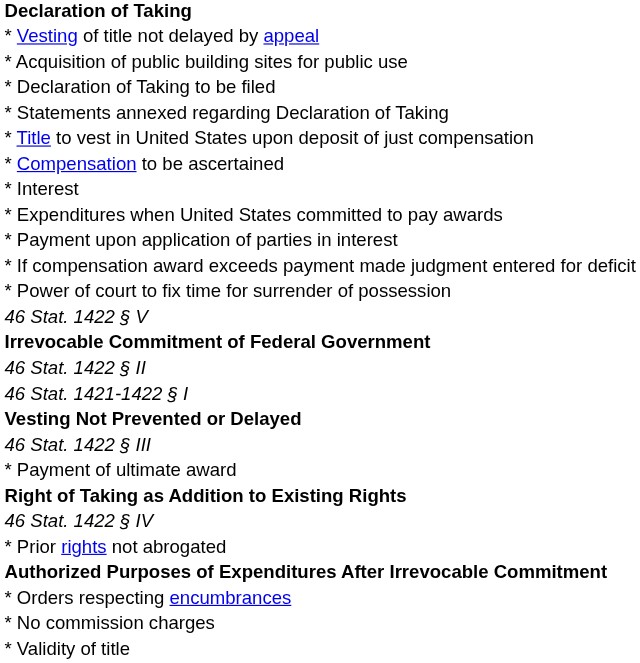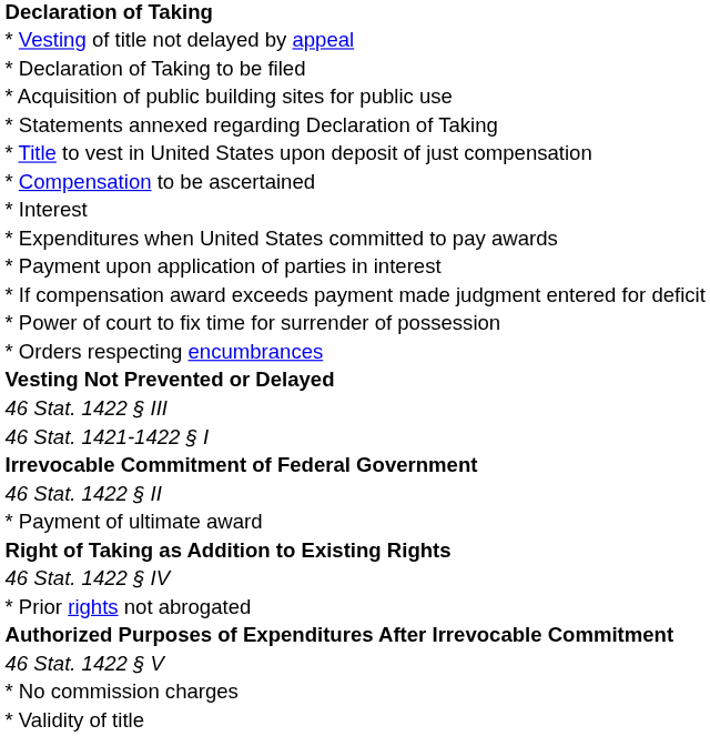 <table style="width: 60%; ; border: none; text-align: left;">
 <tr>
 <td><strong>Declaration of Taking</strong></td>
 </tr>
 <tr>
 <td>* <a href='#'>Vesting</a> of title not delayed by <a href='#'>appeal</a></td>
 </tr>
 <tr>
-<td>* Acquisition of public building sites for public use</td>
+<td>* Declaration of Taking to be filed</td>
 </tr>
 <tr>
-<td>* Declaration of Taking to be filed</td>
+<td>* Acquisition of public building sites for public use</td>
 </tr>
 <tr>
 <td>* Statements annexed regarding Declaration of Taking</td>
 </tr>
 <tr>
 <td>* <a href='#'>Title</a> to vest in United States upon deposit of just compensation</td>
 </tr>
 <tr>
 <td>* <a href='#'>Compensation</a> to be ascertained</td>
 </tr>
 <tr>
 <td>* Interest</td>
 </tr>
 <tr>
 <td>* Expenditures when United States committed to pay awards</td>
 </tr>
 <tr>
 <td>* Payment upon application of parties in interest</td>
 </tr>
 <tr>
 <td>* If compensation award exceeds payment made judgment entered for deficit</td>
 </tr>
 <tr>
 <td>* Power of court to fix time for surrender of possession</td>
 </tr>
 <tr>
-<td><em>46 Stat. 1422 § V</em></td>
+<td>* Orders respecting <a href='#'>encumbrances</a></td>
+</tr>
+<tr>
+<td><strong>Vesting Not Prevented or Delayed</strong></td>
+</tr>
+<tr>
+<td><em>46 Stat. 1422 § III</em></td>
+</tr>
+<tr>
+<td><em>46 Stat. 1421-1422 § I</em></td>
 </tr>
 <tr>
 <td><strong>Irrevocable Commitment of Federal Government</strong></td>
 </tr>
 <tr>
 <td><em>46 Stat. 1422 § II</em></td>
-</tr>
-<tr>
-<td><em>46 Stat. 1421-1422 § I</em></td>
-</tr>
-<tr>
-<td><strong>Vesting Not Prevented or Delayed</strong></td>
-</tr>
-<tr>
-<td><em>46 Stat. 1422 § III</em></td>
 </tr>
 <tr>
 <td>* Payment of ultimate award</td>
 </tr>
 <tr>
 <td><strong>Right of Taking as Addition to Existing Rights</strong></td>
 </tr>
 <tr>
 <td><em>46 Stat. 1422 § IV</em></td>
 </tr>
 <tr>
 <td>* Prior <a href='#'>rights</a> not abrogated</td>
 </tr>
 <tr>
 <td><strong>Authorized Purposes of Expenditures After Irrevocable Commitment</strong></td>
 </tr>
 <tr>
-<td>* Orders respecting <a href='#'>encumbrances</a></td>
+<td><em>46 Stat. 1422 § V</em></td>
 </tr>
 <tr>
 <td>* No commission charges</td>
 </tr>
 <tr>
 <td>* Validity of title</td>
 </tr>
 </table>
